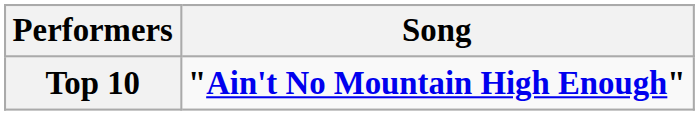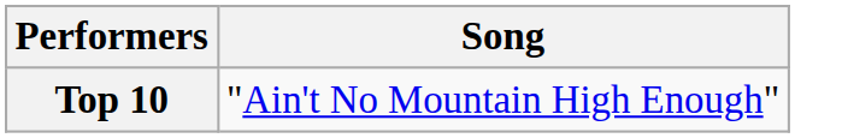 <table class="wikitable unsortable" style="text-align:center;">
 <tr>
 <th scope="col">Performers</th>
 <th scope="col">Song</th>
 </tr>
 <tr>
 <th scope="row">Top 10</th>
-<td><strong>"<a href='#'>Ain't No Mountain High Enough</a>"</strong></td>
+<td>"<a href='#'>Ain't No Mountain High Enough</a>"</td>
 </tr>
 </table>
